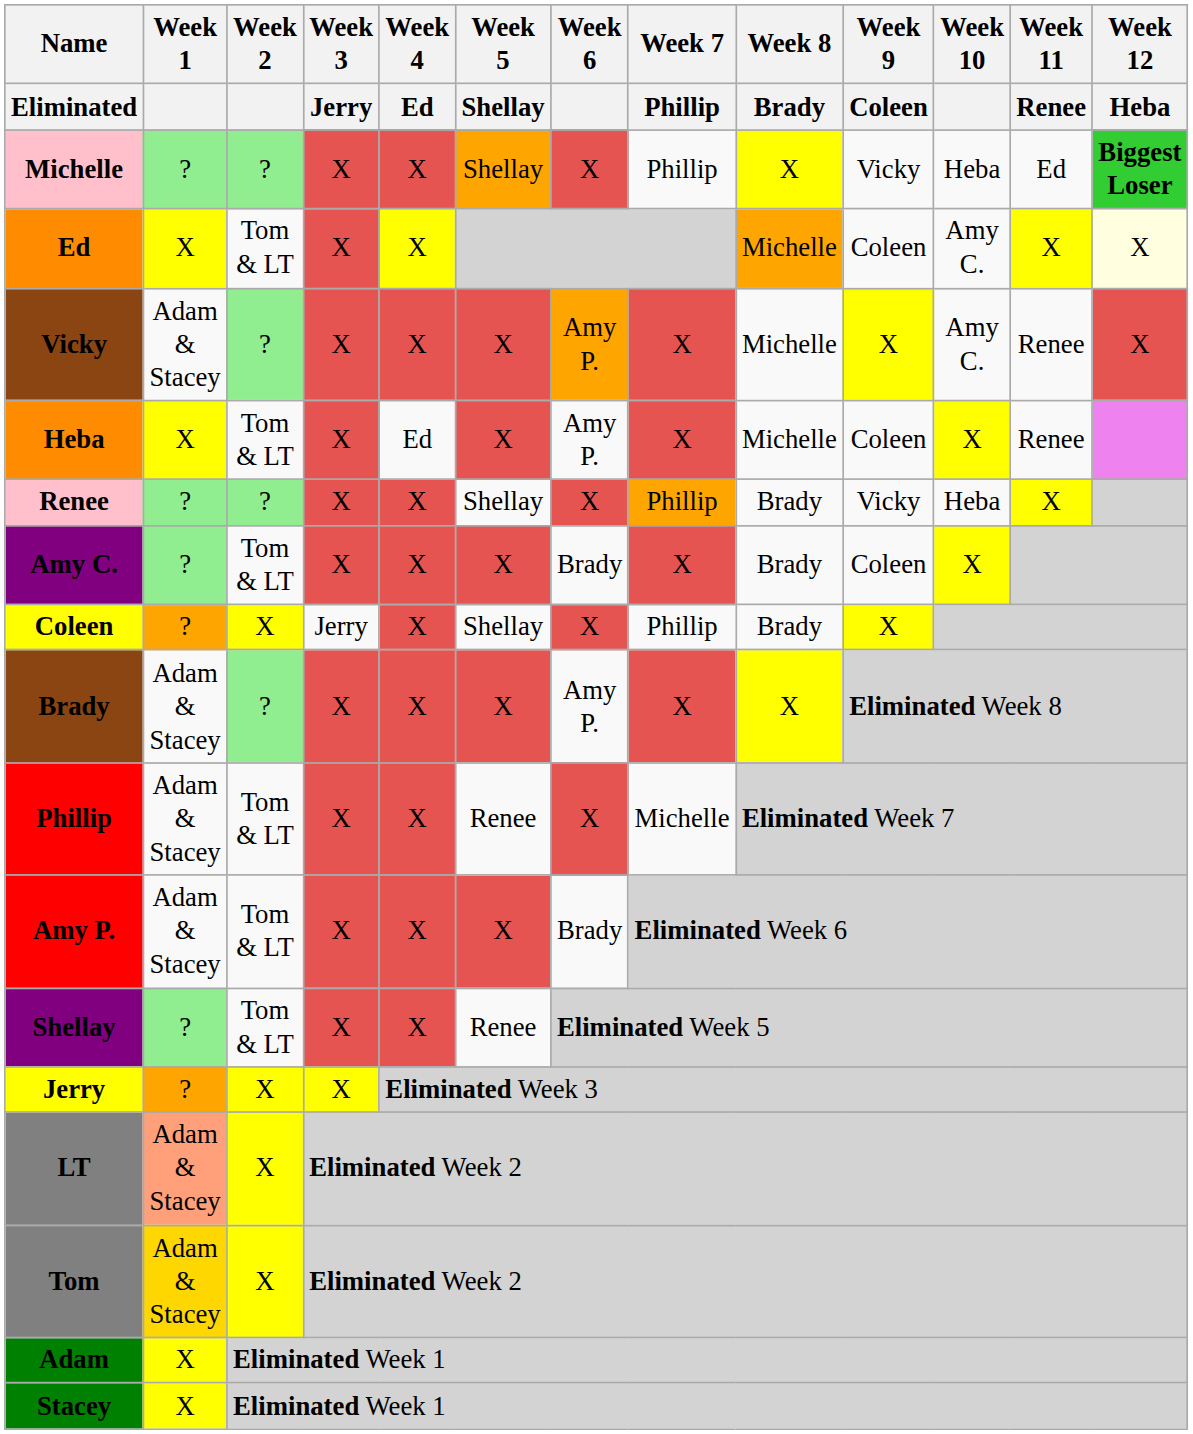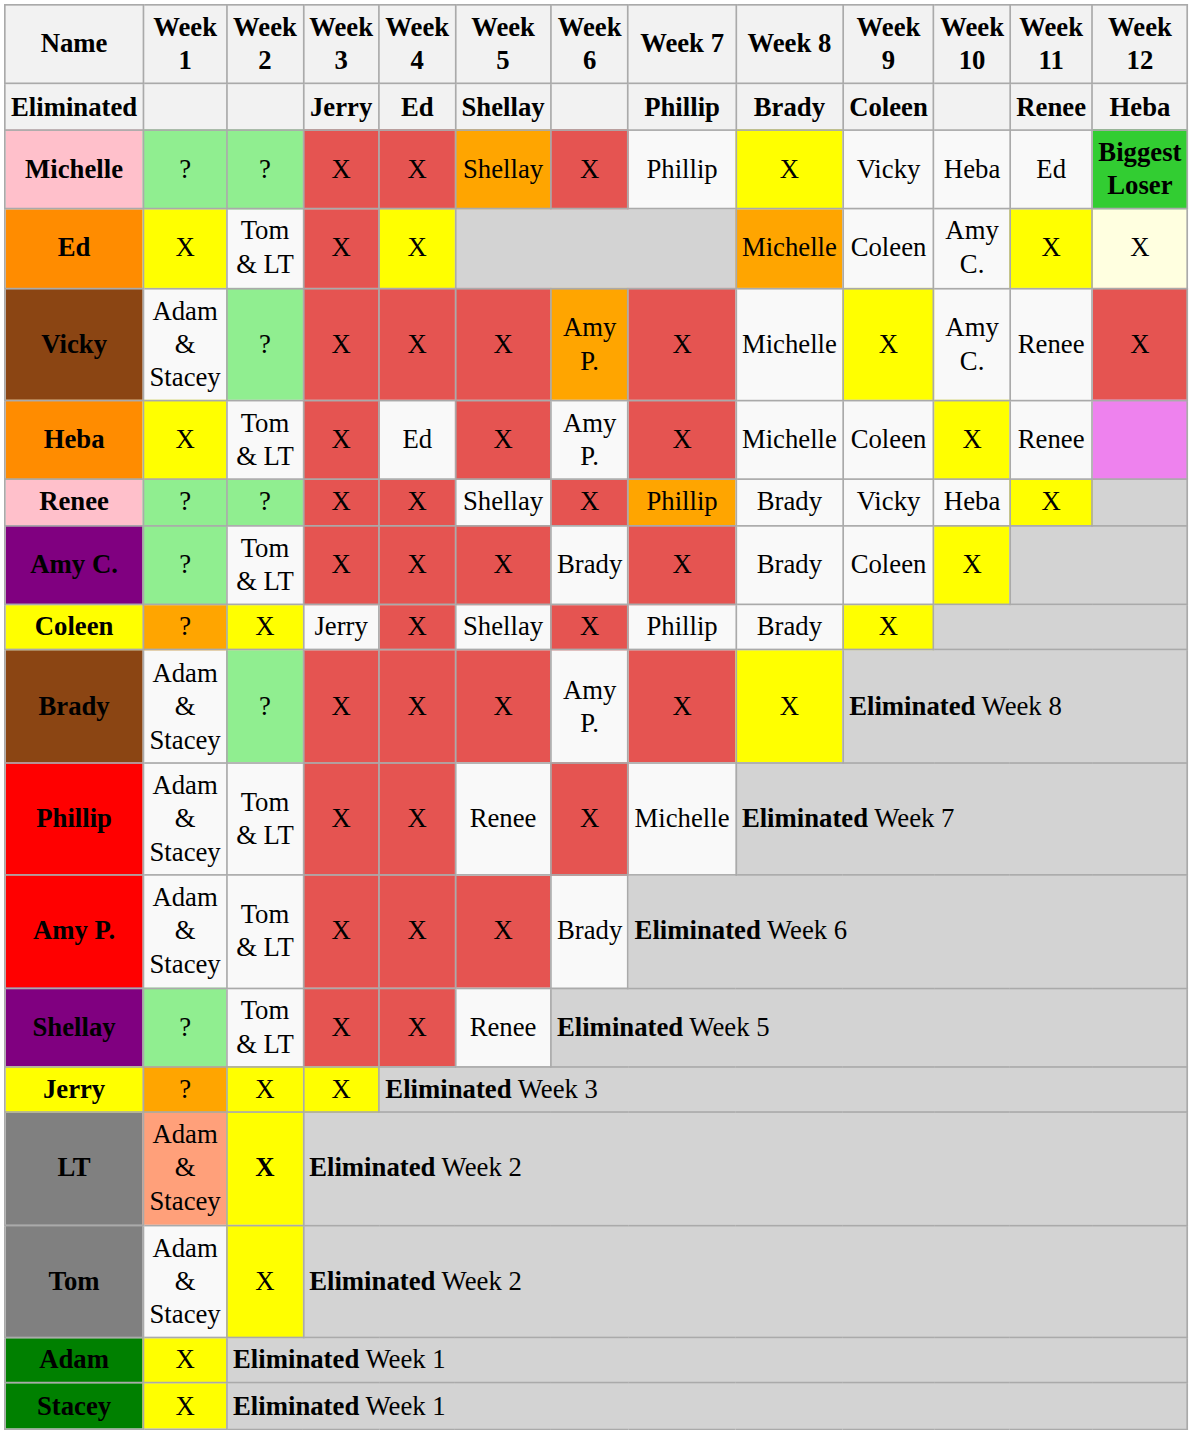 <table class="wikitable" style="text-align:center; width: 100%; font-size:100%; line-height:20px;">
 <tr>
 <th>Name</th>
 <th>Week 1</th>
 <th>Week 2</th>
 <th>Week 3</th>
 <th>Week 4</th>
 <th>Week 5</th>
 <th>Week 6</th>
 <th>Week 7</th>
 <th>Week 8</th>
 <th>Week 9</th>
 <th>Week 10</th>
 <th>Week 11</th>
 <th>Week 12</th>
 </tr>
 <tr>
 <th>Eliminated</th>
 <th></th>
 <th></th>
 <th>Jerry</th>
 <th>Ed</th>
 <th>Shellay</th>
 <th></th>
 <th>Phillip</th>
 <th>Brady</th>
 <th>Coleen</th>
 <th></th>
 <th>Renee</th>
 <th>Heba</th>
 </tr>
 <tr>
 <td bgcolor="pink"><strong>Michelle</strong></td>
 <td bgcolor="lightgreen">?</td>
 <td bgcolor="lightgreen">?</td>
 <td bgcolor="#E55451">X</td>
 <td bgcolor="#E55451">X</td>
 <td bgcolor="orange">Shellay</td>
 <td bgcolor="#E55451">X</td>
 <td>Phillip</td>
 <td bgcolor="yellow">X</td>
 <td>Vicky</td>
 <td>Heba</td>
 <td>Ed</td>
 <td bgcolor="limegreen"><strong>Biggest Loser</strong></td>
 </tr>
 <tr>
 <td bgcolor="darkorange"><strong>Ed</strong></td>
 <td bgcolor="yellow">X</td>
 <td>Tom & LT</td>
 <td bgcolor="#E55451">X</td>
 <td bgcolor="yellow">X</td>
 <td bgcolor="lightgrey" colspan=3 align="left"></td>
 <td bgcolor="orange">Michelle</td>
 <td>Coleen</td>
 <td>Amy C.</td>
 <td bgcolor="yellow">X</td>
 <td bgcolor="lightyellow">X</td>
 </tr>
 <tr>
 <td bgcolor="saddlebrown"><span><strong>Vicky</strong></span></td>
 <td>Adam & Stacey</td>
 <td bgcolor="lightgreen">?</td>
 <td bgcolor="#E55451">X</td>
 <td bgcolor="#E55451">X</td>
 <td bgcolor="#E55451">X</td>
 <td bgcolor="orange">Amy P.</td>
 <td bgcolor="#E55451">X</td>
 <td>Michelle</td>
 <td bgcolor="yellow">X</td>
 <td>Amy C.</td>
 <td>Renee</td>
 <td bgcolor="#E55451">X</td>
 </tr>
 <tr>
 <td bgcolor="darkorange"><strong>Heba</strong></td>
 <td bgcolor="yellow">X</td>
 <td>Tom & LT</td>
 <td bgcolor="#E55451">X</td>
 <td>Ed</td>
 <td bgcolor="#E55451">X</td>
 <td>Amy P.</td>
 <td bgcolor="#E55451">X</td>
 <td>Michelle</td>
 <td>Coleen</td>
 <td bgcolor="yellow">X</td>
 <td>Renee</td>
 <td bgcolor="violet"></td>
 </tr>
 <tr>
 <td bgcolor="pink"><strong>Renee</strong></td>
 <td bgcolor="lightgreen">?</td>
 <td bgcolor="lightgreen">?</td>
 <td bgcolor="#E55451">X</td>
 <td bgcolor="#E55451">X</td>
 <td>Shellay</td>
 <td bgcolor="#E55451">X</td>
 <td bgcolor="orange">Phillip</td>
 <td>Brady</td>
 <td>Vicky</td>
 <td>Heba</td>
 <td bgcolor="yellow">X</td>
 <td bgcolor="lightgrey" align="left"></td>
 </tr>
 <tr>
 <td bgcolor="purple"><span><strong>Amy C.</strong></span></td>
 <td bgcolor="lightgreen">?</td>
 <td>Tom & LT</td>
 <td bgcolor="#E55451">X</td>
 <td bgcolor="#E55451">X</td>
 <td bgcolor="#E55451">X</td>
 <td>Brady</td>
 <td bgcolor="#E55451">X</td>
 <td>Brady</td>
 <td>Coleen</td>
 <td bgcolor="yellow">X</td>
 <td bgcolor="lightgrey" colspan=2 align="left"></td>
 </tr>
 <tr>
 <td bgcolor="yellow"><strong>Coleen</strong></td>
 <td bgcolor="orange">?</td>
 <td bgcolor="yellow">X</td>
 <td>Jerry</td>
 <td bgcolor="#E55451">X</td>
 <td>Shellay</td>
 <td bgcolor="#E55451">X</td>
 <td>Phillip</td>
 <td>Brady</td>
 <td bgcolor="yellow">X</td>
 <td bgcolor="lightgrey" colspan=3 align="left"></td>
 </tr>
 <tr>
 <td bgcolor="saddlebrown"><span><strong>Brady</strong></span></td>
 <td>Adam & Stacey</td>
 <td bgcolor="lightgreen">?</td>
 <td bgcolor="#E55451">X</td>
 <td bgcolor="#E55451">X</td>
 <td bgcolor="#E55451">X</td>
 <td>Amy P.</td>
 <td bgcolor="#E55451">X</td>
 <td bgcolor="yellow">X</td>
 <td bgcolor="lightgrey" colspan=4 align="left"><strong>Eliminated</strong> Week 8</td>
 </tr>
 <tr>
 <td bgcolor="red"><span><strong>Phillip</strong></span></td>
 <td>Adam & Stacey</td>
 <td>Tom & LT</td>
 <td bgcolor="#E55451">X</td>
 <td bgcolor="#E55451">X</td>
 <td>Renee</td>
 <td bgcolor="#E55451">X</td>
 <td>Michelle</td>
 <td bgcolor="lightgrey" colspan=5 align="left"><strong>Eliminated</strong> Week 7</td>
 </tr>
 <tr>
 <td bgcolor="red"><span><strong>Amy P.</strong></span></td>
 <td>Adam & Stacey</td>
 <td>Tom & LT</td>
 <td bgcolor="#E55451">X</td>
 <td bgcolor="#E55451">X</td>
 <td bgcolor="#E55451">X</td>
 <td>Brady</td>
 <td bgcolor="lightgrey" colspan=6 align="left"><strong>Eliminated</strong> Week 6</td>
 </tr>
 <tr>
 <td bgcolor="purple"><span><strong>Shellay</strong></span></td>
 <td bgcolor="lightgreen">?</td>
 <td>Tom & LT</td>
 <td bgcolor="#E55451">X</td>
 <td bgcolor="#E55451">X</td>
 <td>Renee</td>
 <td bgcolor="lightgrey" colspan=7 align="left"><strong>Eliminated</strong> Week 5</td>
 </tr>
 <tr>
 <td bgcolor="yellow"><strong>Jerry</strong></td>
 <td bgcolor="orange">?</td>
 <td bgcolor="yellow">X</td>
 <td bgcolor="yellow">X</td>
 <td bgcolor="lightgrey" colspan=9 align="left"><strong>Eliminated</strong> Week 3</td>
 </tr>
 <tr>
 <td bgcolor="gray"><strong>LT</strong></td>
 <td style="background: lightsalmon;">Adam & Stacey</td>
-<td bgcolor="yellow">X</td>
+<td bgcolor="yellow"><strong>X</strong></td>
 <td bgcolor="lightgrey" colspan=10 align="left"><strong>Eliminated</strong> Week 2</td>
 </tr>
 <tr>
 <td bgcolor="gray"><strong>Tom</strong></td>
-<td style="background: gold;">Adam & Stacey</td>
+<td>Adam & Stacey</td>
 <td bgcolor="yellow">X</td>
 <td bgcolor="lightgrey" colspan=10 align="left"><strong>Eliminated</strong> Week 2</td>
 </tr>
 <tr>
 <td bgcolor="green"><span><strong>Adam</strong></span></td>
 <td bgcolor="yellow">X</td>
 <td bgcolor="lightgrey" colspan=11 align="left"><strong>Eliminated</strong> Week 1</td>
 </tr>
 <tr>
 <td bgcolor="green"><span><strong>Stacey</strong></span></td>
 <td bgcolor="yellow">X</td>
 <td bgcolor="lightgrey" colspan=11 align="left"><strong>Eliminated</strong> Week 1</td>
 </tr>
 </table>
